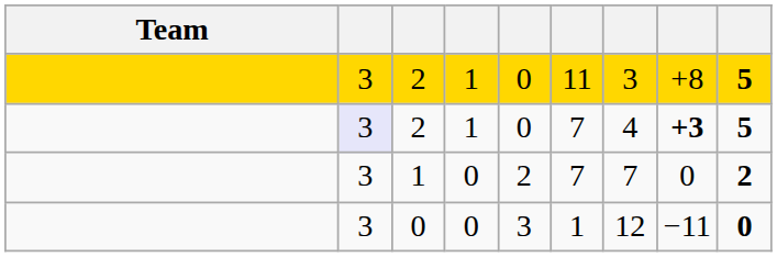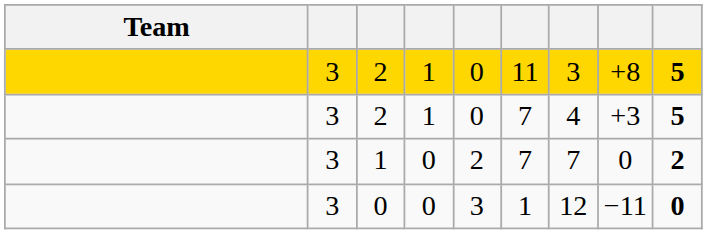 <table class="wikitable" style="text-align:center">
 <tr>
 <th width=165>Team</th>
 <th width=20></th>
 <th width=20></th>
 <th width=20></th>
 <th width=20></th>
 <th width=20></th>
 <th width=20></th>
 <th width=20></th>
 <th width=20></th>
 </tr>
 <tr style="background:gold">
 <td align=left></td>
 <td>3</td>
 <td>2</td>
 <td>1</td>
 <td>0</td>
 <td>11</td>
 <td>3</td>
 <td>+8</td>
 <td><strong>5</strong></td>
 </tr>
 <tr>
 <td align=left></td>
-<td style="background: lavender;">3</td>
+<td>3</td>
 <td>2</td>
 <td>1</td>
 <td>0</td>
 <td>7</td>
 <td>4</td>
-<td><strong>+3</strong></td>
+<td>+3</td>
 <td><strong>5</strong></td>
 </tr>
 <tr>
 <td align=left></td>
 <td>3</td>
 <td>1</td>
 <td>0</td>
 <td>2</td>
 <td>7</td>
 <td>7</td>
 <td>0</td>
 <td><strong>2</strong></td>
 </tr>
 <tr>
 <td align=left></td>
 <td>3</td>
 <td>0</td>
 <td>0</td>
 <td>3</td>
 <td>1</td>
 <td>12</td>
 <td>−11</td>
 <td><strong>0</strong></td>
 </tr>
 </table>
